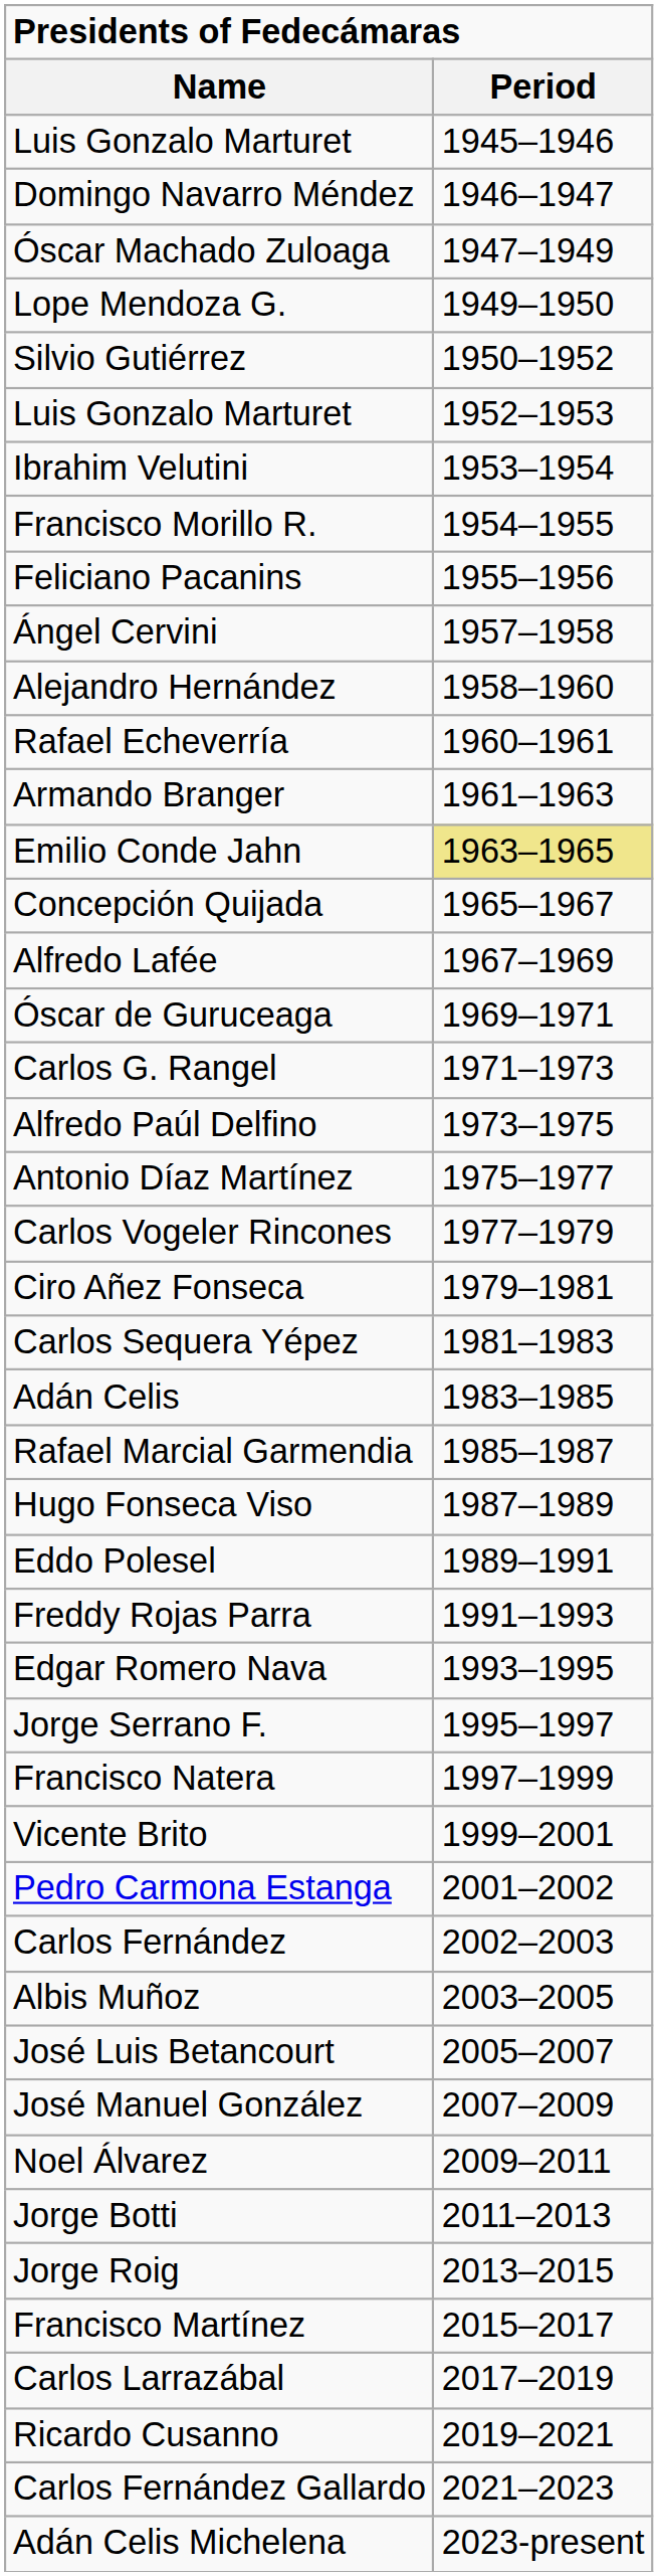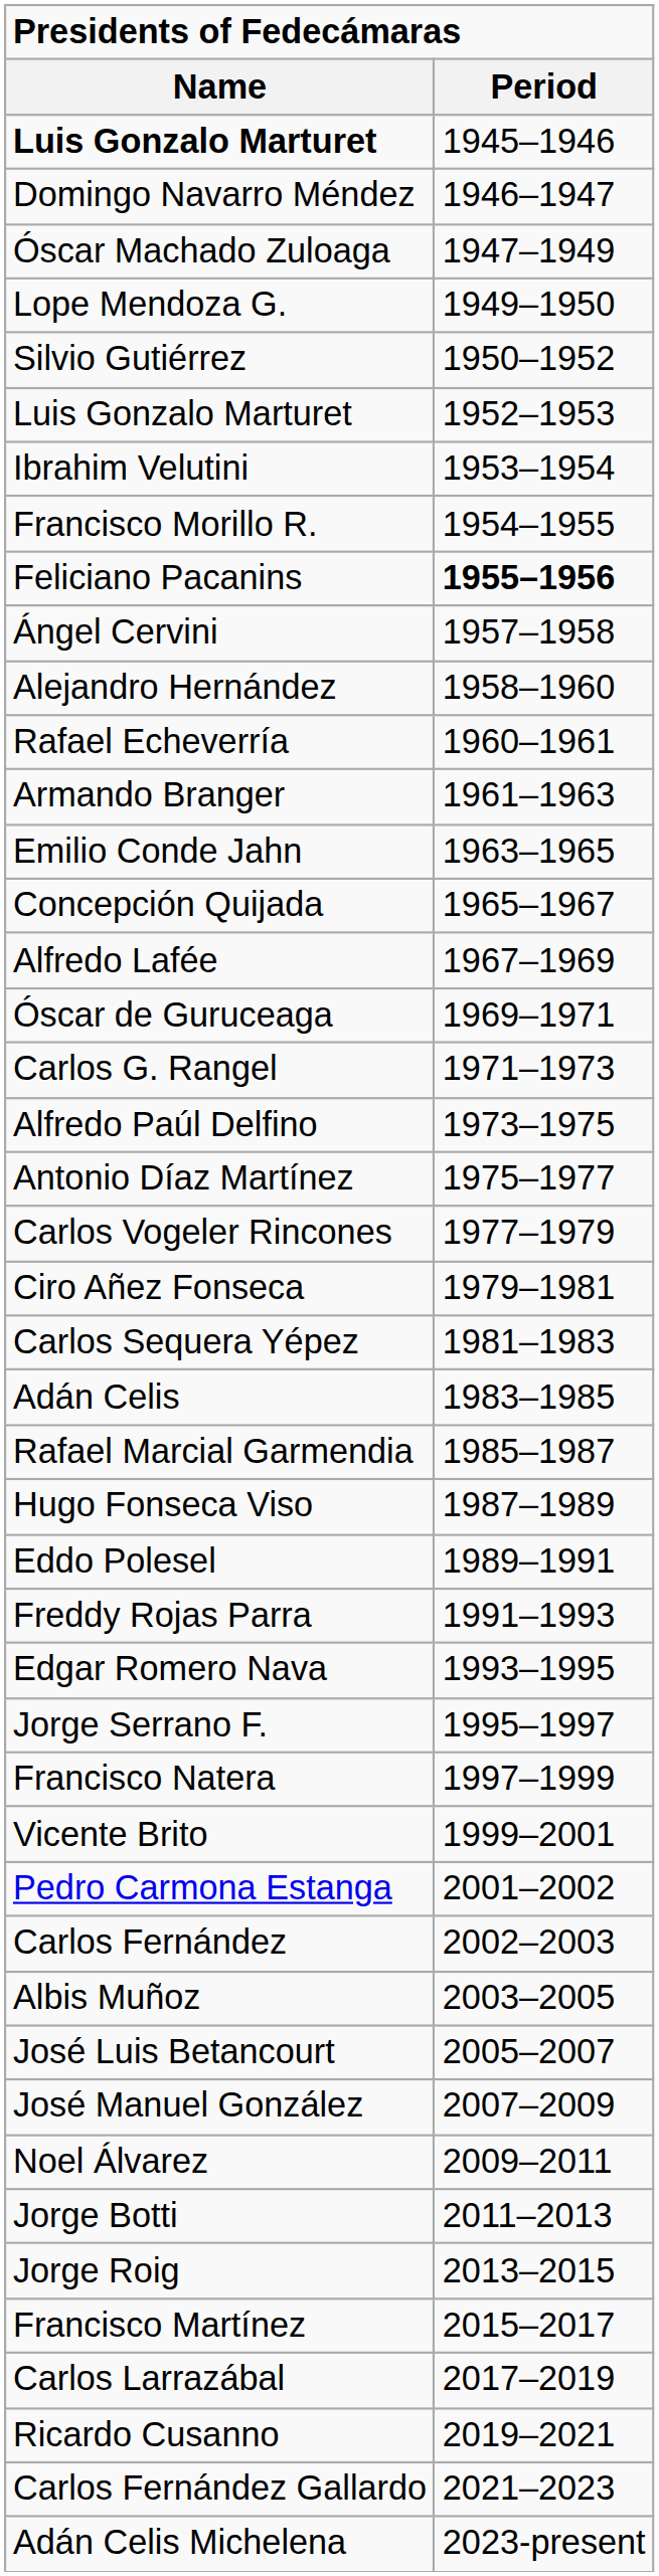 <table class="wikitable">
 <tr>
 <td colspan="4"><strong>Presidents of Fedecámaras</strong></td>
 </tr>
 <tr>
 <th>Name</th>
 <th>Period</th>
 </tr>
 <tr>
-<td>Luis Gonzalo Marturet</td>
+<td><strong>Luis Gonzalo Marturet</strong></td>
 <td>1945–1946</td>
 </tr>
 <tr>
 <td>Domingo Navarro Méndez</td>
 <td>1946–1947</td>
 </tr>
 <tr>
 <td>Óscar Machado Zuloaga</td>
 <td>1947–1949</td>
 </tr>
 <tr>
 <td>Lope Mendoza G.</td>
 <td>1949–1950</td>
 </tr>
 <tr>
 <td>Silvio Gutiérrez</td>
 <td>1950–1952</td>
 </tr>
 <tr>
 <td>Luis Gonzalo Marturet</td>
 <td>1952–1953</td>
 </tr>
 <tr>
 <td>Ibrahim Velutini</td>
 <td>1953–1954</td>
 </tr>
 <tr>
 <td>Francisco Morillo R.</td>
 <td>1954–1955</td>
 </tr>
 <tr>
 <td>Feliciano Pacanins</td>
-<td>1955–1956</td>
+<td><strong>1955–1956</strong></td>
 </tr>
 <tr>
 <td>Ángel Cervini</td>
 <td>1957–1958</td>
 </tr>
 <tr>
 <td>Alejandro Hernández</td>
 <td>1958–1960</td>
 </tr>
 <tr>
 <td>Rafael Echeverría</td>
 <td>1960–1961</td>
 </tr>
 <tr>
 <td>Armando Branger</td>
 <td>1961–1963</td>
 </tr>
 <tr>
 <td>Emilio Conde Jahn</td>
-<td style="background: khaki;">1963–1965</td>
+<td>1963–1965</td>
 </tr>
 <tr>
 <td>Concepción Quijada</td>
 <td>1965–1967</td>
 </tr>
 <tr>
 <td>Alfredo Lafée</td>
 <td>1967–1969</td>
 </tr>
 <tr>
 <td>Óscar de Guruceaga</td>
 <td>1969–1971</td>
 </tr>
 <tr>
 <td>Carlos G. Rangel</td>
 <td>1971–1973</td>
 </tr>
 <tr>
 <td>Alfredo Paúl Delfino</td>
 <td>1973–1975</td>
 </tr>
 <tr>
 <td>Antonio Díaz Martínez</td>
 <td>1975–1977</td>
 </tr>
 <tr>
 <td>Carlos Vogeler Rincones</td>
 <td>1977–1979</td>
 </tr>
 <tr>
 <td>Ciro Añez Fonseca</td>
 <td>1979–1981</td>
 </tr>
 <tr>
 <td>Carlos Sequera Yépez</td>
 <td>1981–1983</td>
 </tr>
 <tr>
 <td>Adán Celis</td>
 <td>1983–1985</td>
 </tr>
 <tr>
 <td>Rafael Marcial Garmendia</td>
 <td>1985–1987</td>
 </tr>
 <tr>
 <td>Hugo Fonseca Viso</td>
 <td>1987–1989</td>
 </tr>
 <tr>
 <td>Eddo Polesel</td>
 <td>1989–1991</td>
 </tr>
 <tr>
 <td>Freddy Rojas Parra</td>
 <td>1991–1993</td>
 </tr>
 <tr>
 <td>Edgar Romero Nava</td>
 <td>1993–1995</td>
 </tr>
 <tr>
 <td>Jorge Serrano F.</td>
 <td>1995–1997</td>
 </tr>
 <tr>
 <td>Francisco Natera</td>
 <td>1997–1999</td>
 </tr>
 <tr>
 <td>Vicente Brito</td>
 <td>1999–2001</td>
 </tr>
 <tr>
 <td><a href='#'>Pedro Carmona Estanga</a></td>
 <td>2001–2002</td>
 </tr>
 <tr>
 <td>Carlos Fernández</td>
 <td>2002–2003</td>
 </tr>
 <tr>
 <td>Albis Muñoz</td>
 <td>2003–2005</td>
 </tr>
 <tr>
 <td>José Luis Betancourt</td>
 <td>2005–2007</td>
 </tr>
 <tr>
 <td>José Manuel González</td>
 <td>2007–2009</td>
 </tr>
 <tr>
 <td>Noel Álvarez</td>
 <td>2009–2011</td>
 </tr>
 <tr>
 <td>Jorge Botti</td>
 <td>2011–2013</td>
 </tr>
 <tr>
 <td>Jorge Roig</td>
 <td>2013–2015</td>
 </tr>
 <tr>
 <td>Francisco Martínez</td>
 <td>2015–2017</td>
 </tr>
 <tr>
 <td>Carlos Larrazábal</td>
 <td>2017–2019</td>
 </tr>
 <tr>
 <td>Ricardo Cusanno</td>
 <td>2019–2021</td>
 </tr>
 <tr>
 <td>Carlos Fernández Gallardo</td>
 <td>2021–2023</td>
 </tr>
 <tr>
 <td>Adán Celis Michelena</td>
 <td>2023-present</td>
 </tr>
 </table>
